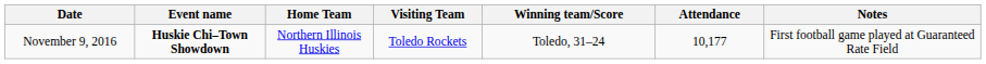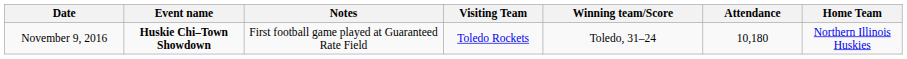 <table class="wikitable" style="text-align:center;">
 <tr>
 <th width=12% style="text-align:center;">Date</th>
 <th width=12% style="text-align:center;">Event name</th>
-<th width=10% style="text-align:center;">Home Team</th>
+<th width=20% style="text-align:center;">Notes</th>
 <th width=10% style="text-align:center;">Visiting Team</th>
 <th width=16% style="text-align:center;">Winning team/Score</th>
 <th width=10% style="text-align:center;">Attendance</th>
-<th width=20% style="text-align:center;">Notes</th>
+<th width=10% style="text-align:center;">Home Team</th>
 </tr>
 <tr>
 <td>November 9, 2016</td>
 <td><strong>Huskie Chi–Town Showdown</strong></td>
-<td><a href='#'>Northern Illinois Huskies</a></td>
+<td>First football game played at Guaranteed Rate Field</td>
 <td><a href='#'>Toledo Rockets</a></td>
 <td>Toledo, 31–24</td>
-<td>10,177</td>
-<td>First football game played at Guaranteed Rate Field</td>
+<td>10,180</td>
+<td><a href='#'>Northern Illinois Huskies</a></td>
 </tr>
 </table>
